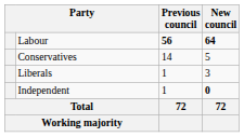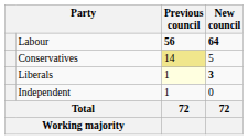 <table class="wikitable">
 <tr>
 <th valign=top colspan="2" style="width: 230px">Party</th>
 <th valign=top style="width: 30px">Previous council</th>
 <th valign=top style="width: 30px">New council</th>
 </tr>
 <tr>
 <th style="background-color: "></th>
 <td>Labour</td>
 <td><strong>56</strong></td>
 <td><strong>64</strong></td>
 </tr>
 <tr>
 <th style="background-color: "></th>
 <td>Conservatives</td>
-<td>14</td>
+<td style="background: khaki;">14</td>
 <td>5</td>
 </tr>
 <tr>
 <th style="background-color: "></th>
 <td>Liberals</td>
-<td>1</td>
-<td>3</td>
+<td style="background: lightyellow;">1</td>
+<td><strong>3</strong></td>
 </tr>
 <tr>
 <th style="background-color: "></th>
 <td>Independent</td>
 <td>1</td>
-<td><strong>0</strong></td>
+<td>0</td>
 </tr>
 <tr>
 <th colspan=2>Total</th>
 <th style="text-align: center">72</th>
 <th colspan=3>72</th>
 </tr>
 <tr>
 <th colspan=2>Working majority</th>
 <th></th>
 <th></th>
 </tr>
 </table>
